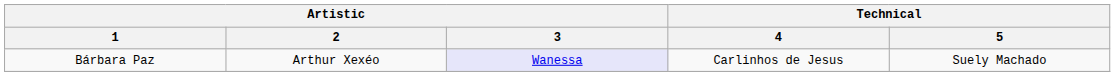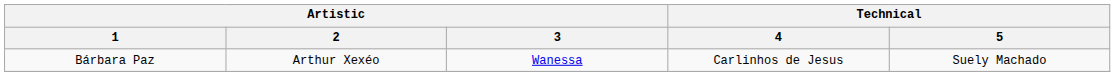 <table class="wikitable" style="font-size:90%; line-height:16px; text-align:center" width="85%">
 <tr>
 <th colspan=3>Artistic</th>
 <th colspan=2>Technical</th>
 </tr>
 <tr>
 <th>1</th>
 <th>2</th>
 <th>3</th>
 <th>4</th>
 <th>5</th>
 </tr>
 <tr>
 <td width=150>Bárbara Paz</td>
 <td width=150>Arthur Xexéo</td>
-<td width=150 style="background: lavender;"><a href='#'>Wanessa</a></td>
+<td width=150><a href='#'>Wanessa</a></td>
 <td width=150>Carlinhos de Jesus</td>
 <td width=150>Suely Machado</td>
 </tr>
 <tr>
 </tr>
 </table>
